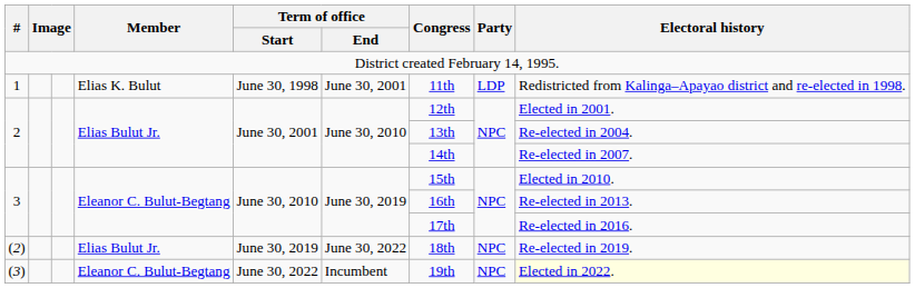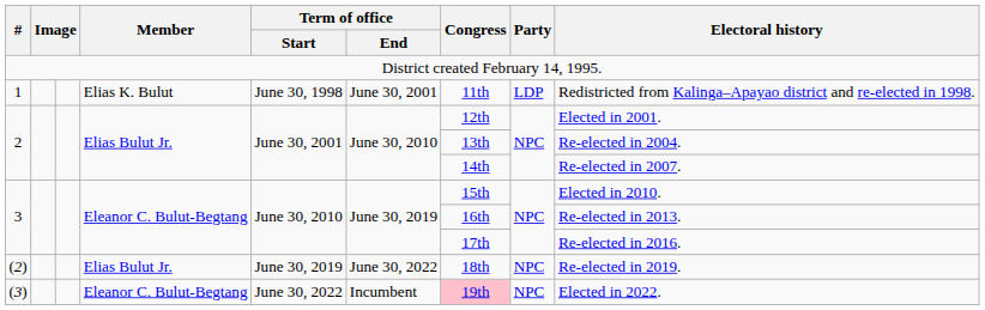 <table class="wikitable">
 <tr>
 <th rowspan="2">#</th>
 <th rowspan="2" colspan=2>Image</th>
 <th rowspan="2">Member</th>
 <th colspan="2">Term of office</th>
 <th rowspan="2">Congress</th>
 <th rowspan="2">Party</th>
 <th rowspan="2">Electoral history</th>
 </tr>
 <tr>
 <th>Start</th>
 <th>End</th>
 </tr>
 <tr>
 <td colspan="9" style="text-align:center;">District created February 14, 1995.</td>
 </tr>
 <tr>
 <td style="text-align:center;">1</td>
 <td style="background:"></td>
 <td></td>
 <td>Elias K. Bulut</td>
 <td>June 30, 1998</td>
 <td>June 30, 2001</td>
 <td style="text-align:center;"><a href='#'>11th</a></td>
 <td><a href='#'>LDP</a></td>
 <td>Redistricted from <a href='#'>Kalinga–Apayao district</a> and <a href='#'>re-elected in 1998</a>.</td>
 </tr>
 <tr>
 <td rowspan="3" style="text-align:center;">2</td>
 <td rowspan="3" style="background:"></td>
 <td rowspan="3"></td>
 <td rowspan="3"><a href='#'>Elias Bulut Jr.</a></td>
 <td rowspan="3">June 30, 2001</td>
 <td rowspan="3">June 30, 2010</td>
 <td style="text-align:center;"><a href='#'>12th</a></td>
 <td rowspan="3"><a href='#'>NPC</a></td>
 <td><a href='#'>Elected in 2001</a>.</td>
 </tr>
 <tr>
 <td style="text-align:center;"><a href='#'>13th</a></td>
 <td><a href='#'>Re-elected in 2004</a>.</td>
 </tr>
 <tr>
 <td style="text-align:center;"><a href='#'>14th</a></td>
 <td><a href='#'>Re-elected in 2007</a>.</td>
 </tr>
 <tr>
 <td rowspan="3" style="text-align:center;">3</td>
 <td rowspan="3" style="background:"></td>
 <td rowspan="3"></td>
 <td rowspan="3"><a href='#'>Eleanor C. Bulut-Begtang</a></td>
 <td rowspan="3">June 30, 2010</td>
 <td rowspan="3">June 30, 2019</td>
 <td style="text-align:center;"><a href='#'>15th</a></td>
 <td rowspan="3"><a href='#'>NPC</a></td>
 <td><a href='#'>Elected in 2010</a>.</td>
 </tr>
 <tr>
 <td style="text-align:center;"><a href='#'>16th</a></td>
 <td><a href='#'>Re-elected in 2013</a>.</td>
 </tr>
 <tr>
 <td style="text-align:center;"><a href='#'>17th</a></td>
 <td><a href='#'>Re-elected in 2016</a>.</td>
 </tr>
 <tr>
 <td style="text-align:center;">(<em>2</em>)</td>
 <td style="background:"></td>
 <td></td>
 <td><a href='#'>Elias Bulut Jr.</a></td>
 <td>June 30, 2019</td>
 <td>June 30, 2022</td>
 <td style="text-align:center;"><a href='#'>18th</a></td>
 <td><a href='#'>NPC</a></td>
 <td><a href='#'>Re-elected in 2019</a>.</td>
 </tr>
 <tr>
 <td style="text-align:center;">(<em>3</em>)</td>
 <td style="background:"></td>
 <td></td>
 <td><a href='#'>Eleanor C. Bulut-Begtang</a></td>
 <td>June 30, 2022</td>
 <td>Incumbent</td>
-<td style="text-align:center;"><a href='#'>19th</a></td>
+<td style="background: pink; text-align:center;"><a href='#'>19th</a></td>
 <td><a href='#'>NPC</a></td>
-<td style="background: lightyellow;"><a href='#'>Elected in 2022</a>.</td>
+<td><a href='#'>Elected in 2022</a>.</td>
 </tr>
 </table>
